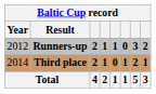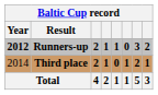 <table class="wikitable" style="text-align: center;">
 <tr>
 <th colspan=9><a href='#'>Baltic Cup</a> record</th>
 </tr>
 <tr>
 <th>Year</th>
 <th>Result</th>
 <th></th>
 <th></th>
 <th></th>
 <th></th>
 <th></th>
 <th></th>
 </tr>
 <tr style="background:silver">
-<td>2012</td>
+<td><strong>2012</strong></td>
 <td><strong>Runners-up</strong></td>
 <td><strong>2</strong></td>
 <td><strong>1</strong></td>
 <td><strong>1</strong></td>
 <td><strong>0</strong></td>
 <td><strong>3</strong></td>
 <td><strong>2</strong></td>
 </tr>
 <tr style="background:#c96;">
 <td>2014</td>
 <td><strong>Third place</strong></td>
 <td><strong>2</strong></td>
 <td><strong>1</strong></td>
 <td><strong>0</strong></td>
 <td><strong>1</strong></td>
 <td><strong>2</strong></td>
 <td><strong>1</strong></td>
 </tr>
 <tr>
 <th colspan=2>Total</th>
 <th>4</th>
 <th>2</th>
 <th>1</th>
 <th>1</th>
 <th>5</th>
 <th>3</th>
 </tr>
 </table>
